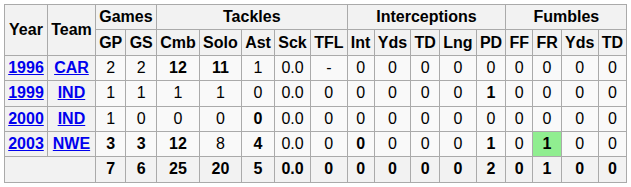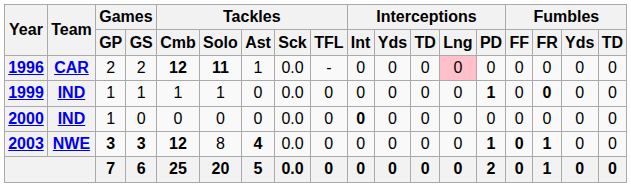 <table class="wikitable" style="text-align:center">
 <tr>
 <th rowspan="2">Year</th>
 <th rowspan="2">Team</th>
 <th colspan="2">Games</th>
 <th colspan="5">Tackles</th>
 <th colspan="5">Interceptions</th>
 <th colspan="4">Fumbles</th>
 </tr>
 <tr>
 <th>GP</th>
 <th>GS</th>
 <th>Cmb</th>
 <th>Solo</th>
 <th>Ast</th>
 <th>Sck</th>
 <th>TFL</th>
 <th>Int</th>
 <th>Yds</th>
 <th>TD</th>
 <th>Lng</th>
 <th>PD</th>
 <th>FF</th>
 <th>FR</th>
 <th>Yds</th>
 <th>TD</th>
 </tr>
 <tr>
 <th><a href='#'>1996</a></th>
 <th><a href='#'>CAR</a></th>
 <td>2</td>
 <td>2</td>
 <td><strong>12</strong></td>
 <td><strong>11</strong></td>
 <td>1</td>
 <td>0.0</td>
 <td>-</td>
 <td>0</td>
 <td>0</td>
 <td>0</td>
-<td>0</td>
+<td style="background: pink;">0</td>
 <td>0</td>
 <td>0</td>
 <td>0</td>
 <td>0</td>
 <td>0</td>
 </tr>
 <tr>
 <th><a href='#'>1999</a></th>
 <th><a href='#'>IND</a></th>
 <td>1</td>
 <td>1</td>
 <td>1</td>
 <td>1</td>
 <td>0</td>
 <td>0.0</td>
 <td>0</td>
 <td>0</td>
 <td>0</td>
 <td>0</td>
 <td>0</td>
 <td><strong>1</strong></td>
 <td>0</td>
-<td>0</td>
+<td><strong>0</strong></td>
 <td>0</td>
 <td>0</td>
 </tr>
 <tr>
 <th><a href='#'>2000</a></th>
 <th><a href='#'>IND</a></th>
 <td>1</td>
 <td>0</td>
 <td>0</td>
 <td>0</td>
-<td><strong>0</strong></td>
+<td>0</td>
 <td>0.0</td>
 <td>0</td>
-<td>0</td>
+<td><strong>0</strong></td>
 <td>0</td>
 <td>0</td>
 <td>0</td>
 <td>0</td>
 <td>0</td>
 <td>0</td>
 <td>0</td>
 <td>0</td>
 </tr>
 <tr>
 <th><a href='#'>2003</a></th>
 <th><a href='#'>NWE</a></th>
 <td><strong>3</strong></td>
 <td><strong>3</strong></td>
 <td><strong>12</strong></td>
 <td>8</td>
 <td><strong>4</strong></td>
 <td>0.0</td>
 <td>0</td>
-<td><strong>0</strong></td>
+<td>0</td>
 <td>0</td>
 <td>0</td>
 <td>0</td>
 <td><strong>1</strong></td>
-<td>0</td>
-<td style="background: lightgreen;"><strong>1</strong></td>
+<td><strong>0</strong></td>
+<td><strong>1</strong></td>
 <td>0</td>
 <td>0</td>
 </tr>
 <tr>
 <th colspan="2"></th>
 <th>7</th>
 <th>6</th>
 <th>25</th>
 <th>20</th>
 <th>5</th>
 <th>0.0</th>
 <th>0</th>
 <th>0</th>
 <th>0</th>
 <th>0</th>
 <th>0</th>
 <th>2</th>
 <th>0</th>
 <th>1</th>
 <th>0</th>
 <th>0</th>
 </tr>
 </table>
